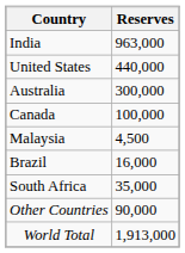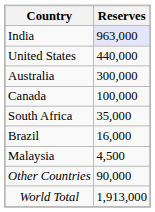 <table class="wikitable col2right" style="display: inline-block;">
 <tr>
 <th align="left">Country</th>
 <th>Reserves</th>
 </tr>
 <tr>
 <td align="left">India</td>
-<td>963,000</td>
+<td style="background: lavender;">963,000</td>
 </tr>
 <tr>
 <td align="left">United States</td>
 <td>440,000</td>
 </tr>
 <tr>
 <td align="left">Australia</td>
 <td>300,000</td>
 </tr>
 <tr>
 <td align="left">Canada</td>
 <td>100,000</td>
 </tr>
 <tr>
-<td align="left">Malaysia</td>
-<td>4,500</td>
+<td align="left">South Africa</td>
+<td>35,000</td>
 </tr>
 <tr>
 <td align="left">Brazil</td>
 <td>16,000</td>
 </tr>
 <tr>
-<td align="left">South Africa</td>
-<td>35,000</td>
+<td align="left">Malaysia</td>
+<td>4,500</td>
 </tr>
 <tr>
 <td align="left"><em>Other Countries</em></td>
 <td>90,000</td>
 </tr>
 <tr>
 <td align="center"><em>World Total</em></td>
 <td>1,913,000</td>
 </tr>
 </table>
